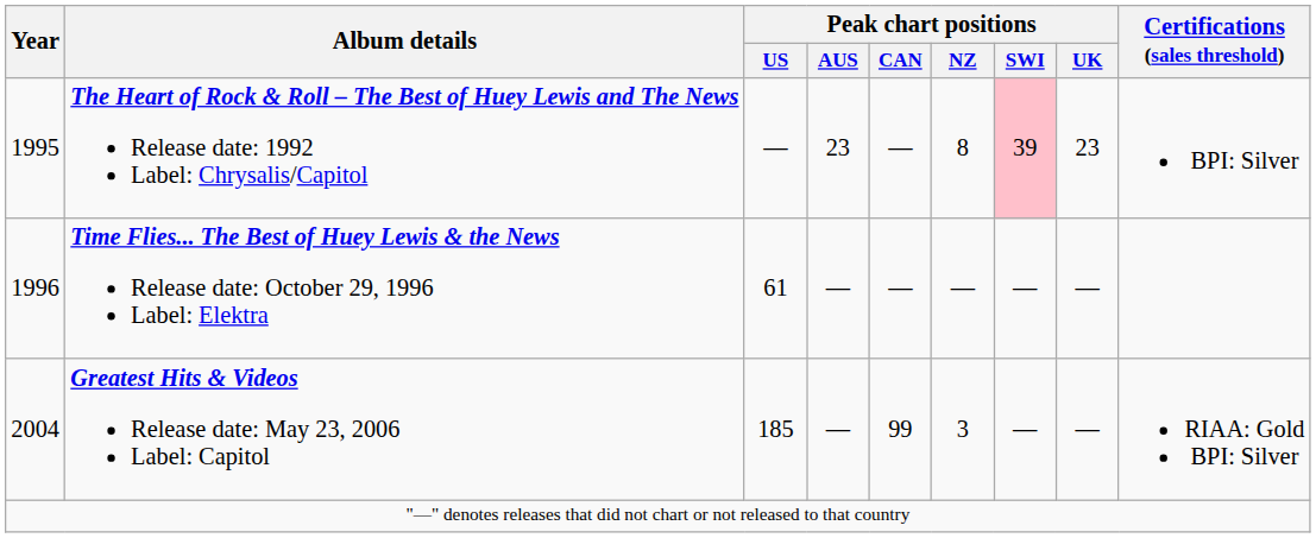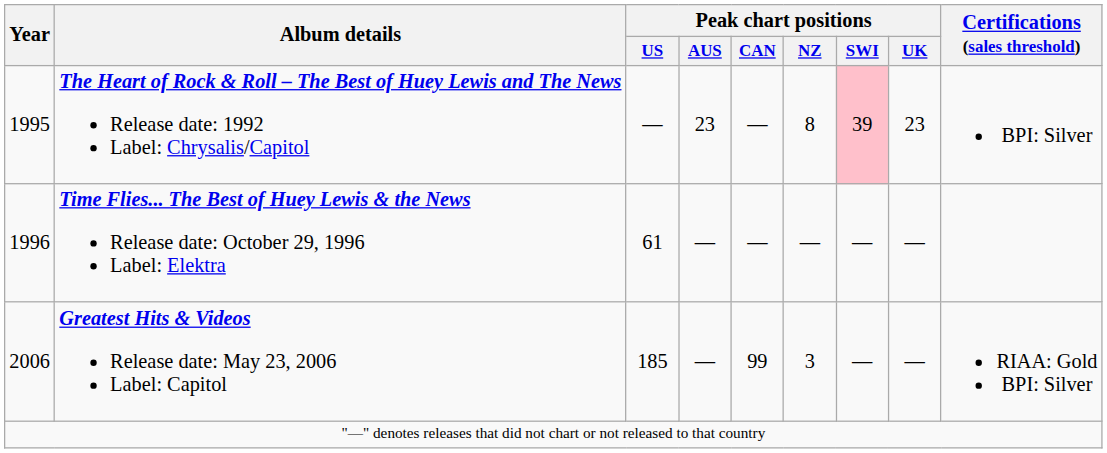 <table class="wikitable" style="text-align:center;">
 <tr>
 <th rowspan="2">Year</th>
 <th rowspan="2">Album details</th>
 <th colspan="6">Peak chart positions</th>
 <th rowspan="2"><a href='#'>Certifications</a><br><small>(<a href='#'>sales threshold</a>)</small></th>
 </tr>
 <tr style="font-size:smaller;">
 <th width="35"><a href='#'>US</a><br></th>
 <th width="35"><a href='#'>AUS</a><br></th>
 <th width="35"><a href='#'>CAN</a><br></th>
 <th width="35"><a href='#'>NZ</a><br></th>
 <th width="35"><a href='#'>SWI</a><br></th>
 <th width="35"><a href='#'>UK</a><br></th>
 </tr>
 <tr>
 <td>1995</td>
 <td align="left"><strong><em><a href='#'>The Heart of Rock & Roll – The Best of Huey Lewis and The News</a></em></strong><br><ul><li>Release date: 1992</li><li>Label: <a href='#'>Chrysalis</a>/<a href='#'>Capitol</a></li></ul></td>
 <td>—</td>
 <td>23</td>
 <td>—</td>
 <td>8</td>
 <td style="background: pink;">39</td>
 <td>23</td>
 <td><br><ul><li>BPI: Silver</li></ul></td>
 </tr>
 <tr>
 <td>1996</td>
 <td align="left"><strong><em><a href='#'>Time Flies... The Best of Huey Lewis & the News</a></em></strong><br><ul><li>Release date: October 29, 1996</li><li>Label: <a href='#'>Elektra</a></li></ul></td>
 <td>61</td>
 <td>—</td>
 <td>—</td>
 <td>—</td>
 <td>—</td>
 <td>—</td>
 <td></td>
 </tr>
 <tr>
-<td>2004</td>
+<td>2006</td>
 <td align="left"><strong><em><a href='#'>Greatest Hits & Videos</a></em></strong><br><ul><li>Release date: May 23, 2006</li><li>Label: Capitol</li></ul></td>
 <td>185</td>
 <td>—</td>
 <td>99</td>
 <td>3</td>
 <td>—</td>
 <td>—</td>
 <td><br><ul><li>RIAA: Gold</li><li>BPI: Silver</li></ul></td>
 </tr>
 <tr>
 <td colspan="20" style="font-size:9pt">"—" denotes releases that did not chart or not released to that country</td>
 </tr>
 </table>
